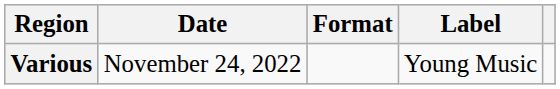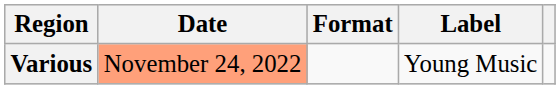 <table class="wikitable plainrowheaders">
 <tr>
 <th scope="col">Region</th>
 <th scope="col">Date</th>
 <th scope="col">Format</th>
 <th scope="col">Label</th>
 <th scope="col"></th>
 </tr>
 <tr>
 <th scope="row" rowspan="2">Various</th>
-<td>November 24, 2022</td>
+<td style="background: lightsalmon;">November 24, 2022</td>
 <td rowspan="2"></td>
 <td rowspan="2">Young Music</td>
 <td align="center"></td>
 </tr>
 </table>
